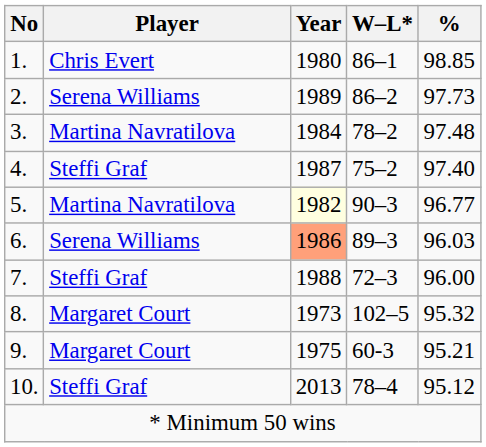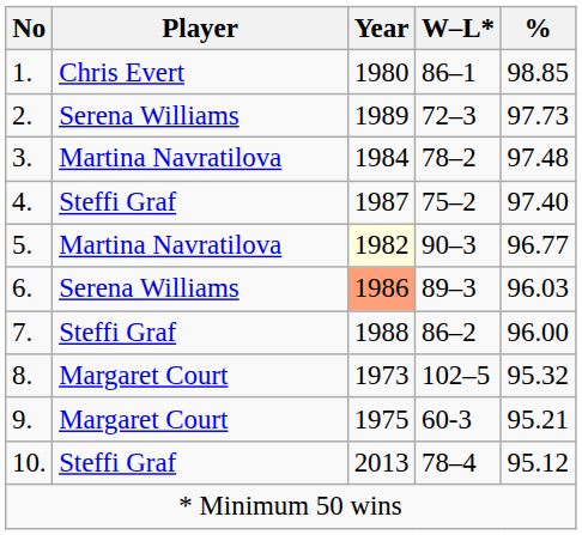 <table class="wikitable" style="display:inline-table">
 <tr>
 <th>No</th>
 <th style="width:165px;">Player</th>
 <th>Year</th>
 <th>W–L*</th>
 <th>%</th>
 </tr>
 <tr>
 <td>1.</td>
 <td> <a href='#'>Chris Evert</a></td>
 <td>1980</td>
 <td>86–1</td>
 <td>98.85</td>
 </tr>
 <tr>
 <td>2.</td>
 <td> <a href='#'>Serena Williams</a></td>
 <td>1989</td>
-<td>86–2</td>
+<td>72–3</td>
 <td>97.73</td>
 </tr>
 <tr>
 <td>3.</td>
 <td> <a href='#'>Martina Navratilova</a></td>
 <td>1984</td>
 <td>78–2</td>
 <td>97.48</td>
 </tr>
 <tr>
 <td>4.</td>
 <td> <a href='#'>Steffi Graf</a></td>
 <td>1987</td>
 <td>75–2</td>
 <td>97.40</td>
 </tr>
 <tr>
 <td>5.</td>
 <td> <a href='#'>Martina Navratilova</a></td>
 <td style="background: lightyellow;">1982</td>
 <td>90–3</td>
 <td>96.77</td>
 </tr>
 <tr>
 <td>6.</td>
 <td> <a href='#'>Serena Williams</a></td>
 <td style="background: lightsalmon;">1986</td>
 <td>89–3</td>
 <td>96.03</td>
 </tr>
 <tr>
 <td>7.</td>
 <td> <a href='#'>Steffi Graf</a></td>
 <td>1988</td>
-<td>72–3</td>
+<td>86–2</td>
 <td>96.00</td>
 </tr>
 <tr>
 <td>8.</td>
 <td> <a href='#'>Margaret Court</a></td>
 <td>1973</td>
 <td>102–5</td>
 <td>95.32</td>
 </tr>
 <tr>
 <td>9.</td>
 <td> <a href='#'>Margaret Court</a></td>
 <td>1975</td>
 <td>60-3</td>
 <td>95.21</td>
 </tr>
 <tr>
 <td>10.</td>
 <td> <a href='#'>Steffi Graf</a></td>
 <td>2013</td>
 <td>78–4</td>
 <td>95.12</td>
 </tr>
 <tr>
 <td colspan=5 style="text-align:center;">* Minimum 50 wins</td>
 </tr>
 </table>
